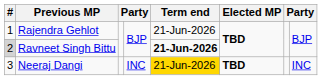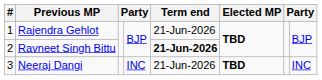 <table class="wikitable sortable">
 <tr>
 <th>#</th>
 <th>Previous MP</th>
 <th colspan="2">Party</th>
 <th>Term end</th>
 <th>Elected MP</th>
 <th colspan="2">Party</th>
 </tr>
 <tr>
 <td>1</td>
 <td><a href='#'>Rajendra Gehlot</a></td>
 <td rowspan=2 width="1px"></td>
 <td rowspan="2"><a href='#'>BJP</a></td>
 <td>21-Jun-2026</td>
 <td rowspan=2><strong>TBD</strong></td>
 <td rowspan="2"></td>
 <td rowspan="2"><a href='#'>BJP</a></td>
 </tr>
 <tr>
-<td style="background: lightgrey;">2</td>
+<td>2</td>
 <td><a href='#'>Ravneet Singh Bittu</a></td>
 <td><strong>21-Jun-2026</strong></td>
 </tr>
 <tr>
 <td>3</td>
 <td><a href='#'>Neeraj Dangi</a></td>
 <td></td>
 <td><a href='#'>INC</a></td>
-<td style="background: gold;">21-Jun-2026</td>
+<td>21-Jun-2026</td>
 <td><strong>TBD</strong></td>
 <td></td>
 <td><a href='#'>INC</a></td>
 </tr>
 </table>
